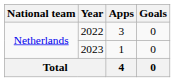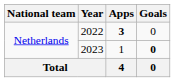 <table class=wikitable style=text-align:center>
 <tr>
 <th>National team</th>
 <th>Year</th>
 <th>Apps</th>
 <th>Goals</th>
 </tr>
 <tr>
 <td rowspan="2"><a href='#'>Netherlands</a></td>
 <td>2022</td>
-<td>3</td>
+<td><strong>3</strong></td>
 <td>0</td>
 </tr>
 <tr>
 <td>2023</td>
 <td>1</td>
-<td>0</td>
+<td><strong>0</strong></td>
 </tr>
 <tr>
 <th colspan=2>Total</th>
 <th>4</th>
 <th>0</th>
 </tr>
 </table>
